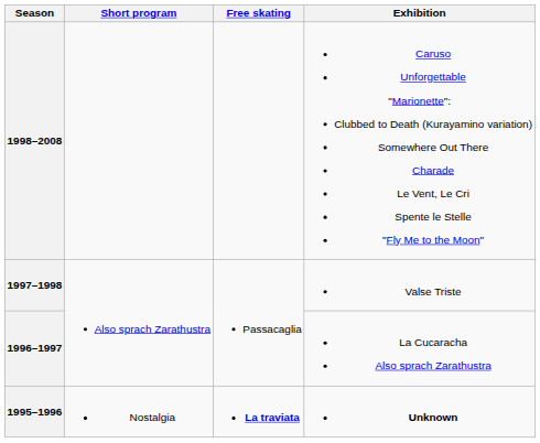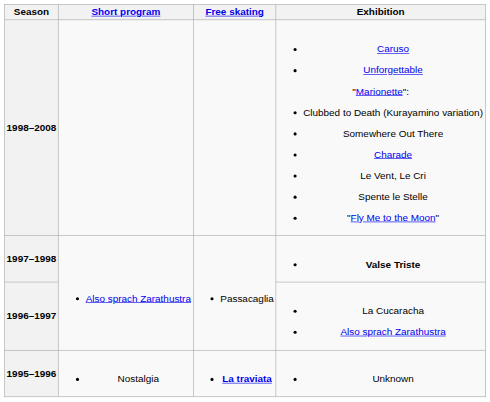 <table class="wikitable" style="text-align:center">
 <tr>
 <th>Season</th>
 <th><a href='#'>Short program</a></th>
 <th><a href='#'>Free skating</a></th>
 <th>Exhibition</th>
 </tr>
 <tr>
 <th>1998–2008 <br> </th>
 <td></td>
 <td></td>
 <td><br><ul><li><a href='#'>Caruso</a> <br></li></ul><ul><li><a href='#'>Unforgettable</a> <br></li></ul>"<a href='#'>Marionette</a>":<ul><li>Clubbed to Death (Kurayamino variation) <br></li></ul><ul><li>Somewhere Out There <br></li></ul><ul><li><a href='#'>Charade</a> <br></li></ul><ul><li>Le Vent, Le Cri <br></li></ul><ul><li>Spente le Stelle <br></li></ul><ul><li>"<a href='#'>Fly Me to the Moon</a>" <br></li></ul></td>
 </tr>
 <tr>
 <th>1997–1998 <br> </th>
 <td rowspan=2><br><ul><li><a href='#'>Also sprach Zarathustra</a> <br></li></ul></td>
 <td rowspan=2><br><ul><li>Passacaglia <br></li></ul></td>
-<td><br><ul><li>Valse Triste <br></li></ul></td>
+<td><strong><br><ul><li>Valse Triste <br></li></ul></strong></td>
 </tr>
 <tr>
 <th>1996–1997 <br> </th>
 <td><br><ul><li>La Cucaracha</li></ul><ul><li><a href='#'>Also sprach Zarathustra</a> <br></li></ul></td>
 </tr>
 <tr>
 <th>1995–1996 <br> </th>
 <td><br><ul><li>Nostalgia <br></li></ul></td>
 <td><strong><br><ul><li><a href='#'>La traviata</a> <br></li></ul></strong></td>
-<td><strong><br><ul><li>Unknown</li></ul></strong></td>
+<td><br><ul><li>Unknown</li></ul></td>
 </tr>
 </table>
